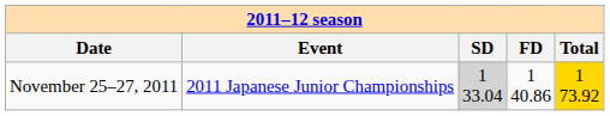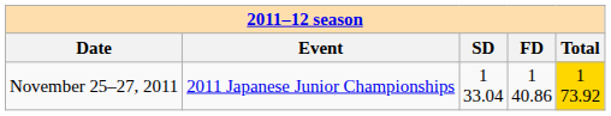 <table class="wikitable">
 <tr>
 <th colspan="5" style="background-color: #ffdead; "><a href='#'>2011–12 season</a></th>
 </tr>
 <tr>
 <th>Date</th>
 <th>Event</th>
 <th>SD</th>
 <th>FD</th>
 <th>Total</th>
 </tr>
 <tr>
 <td>November 25–27, 2011</td>
 <td><a href='#'>2011 Japanese Junior Championships</a></td>
-<td align="center" style="background: lightgrey;">1 <br> 33.04</td>
+<td align="center">1 <br> 33.04</td>
 <td align="center">1 <br> 40.86</td>
 <td align="center" bgcolor="gold">1 <br> 73.92</td>
 </tr>
 </table>
